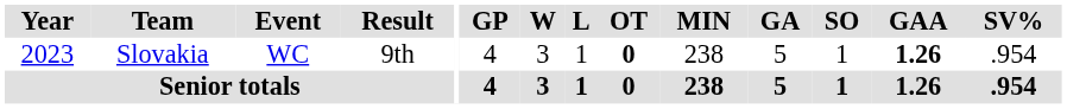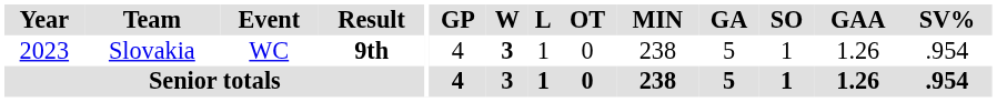 <table border="0" cellpadding="1" cellspacing="0" ID="Table3" style="text-align:center; width:40em">
 <tr ALIGN="center" bgcolor="#e0e0e0">
 <th>Year</th>
 <th>Team</th>
 <th>Event</th>
 <th>Result</th>
 <th rowspan="99" bgcolor="#ffffff"></th>
 <th>GP</th>
 <th>W</th>
 <th>L</th>
 <th>OT</th>
 <th>MIN</th>
 <th>GA</th>
 <th>SO</th>
 <th>GAA</th>
 <th>SV%</th>
 </tr>
 <tr>
 <td><a href='#'>2023</a></td>
 <td><a href='#'>Slovakia</a></td>
 <td><a href='#'>WC</a></td>
-<td>9th</td>
+<td><strong>9th</strong></td>
 <td>4</td>
-<td>3</td>
+<td><strong>3</strong></td>
 <td>1</td>
-<td><strong>0</strong></td>
+<td>0</td>
 <td>238</td>
 <td>5</td>
 <td>1</td>
-<td><strong>1.26</strong></td>
+<td>1.26</td>
 <td>.954</td>
 </tr>
 <tr bgcolor="#e0e0e0">
 <th colspan="4">Senior totals</th>
 <th>4</th>
 <th>3</th>
 <th>1</th>
 <th>0</th>
 <th>238</th>
 <th>5</th>
 <th>1</th>
 <th>1.26</th>
 <th>.954</th>
 </tr>
 </table>
